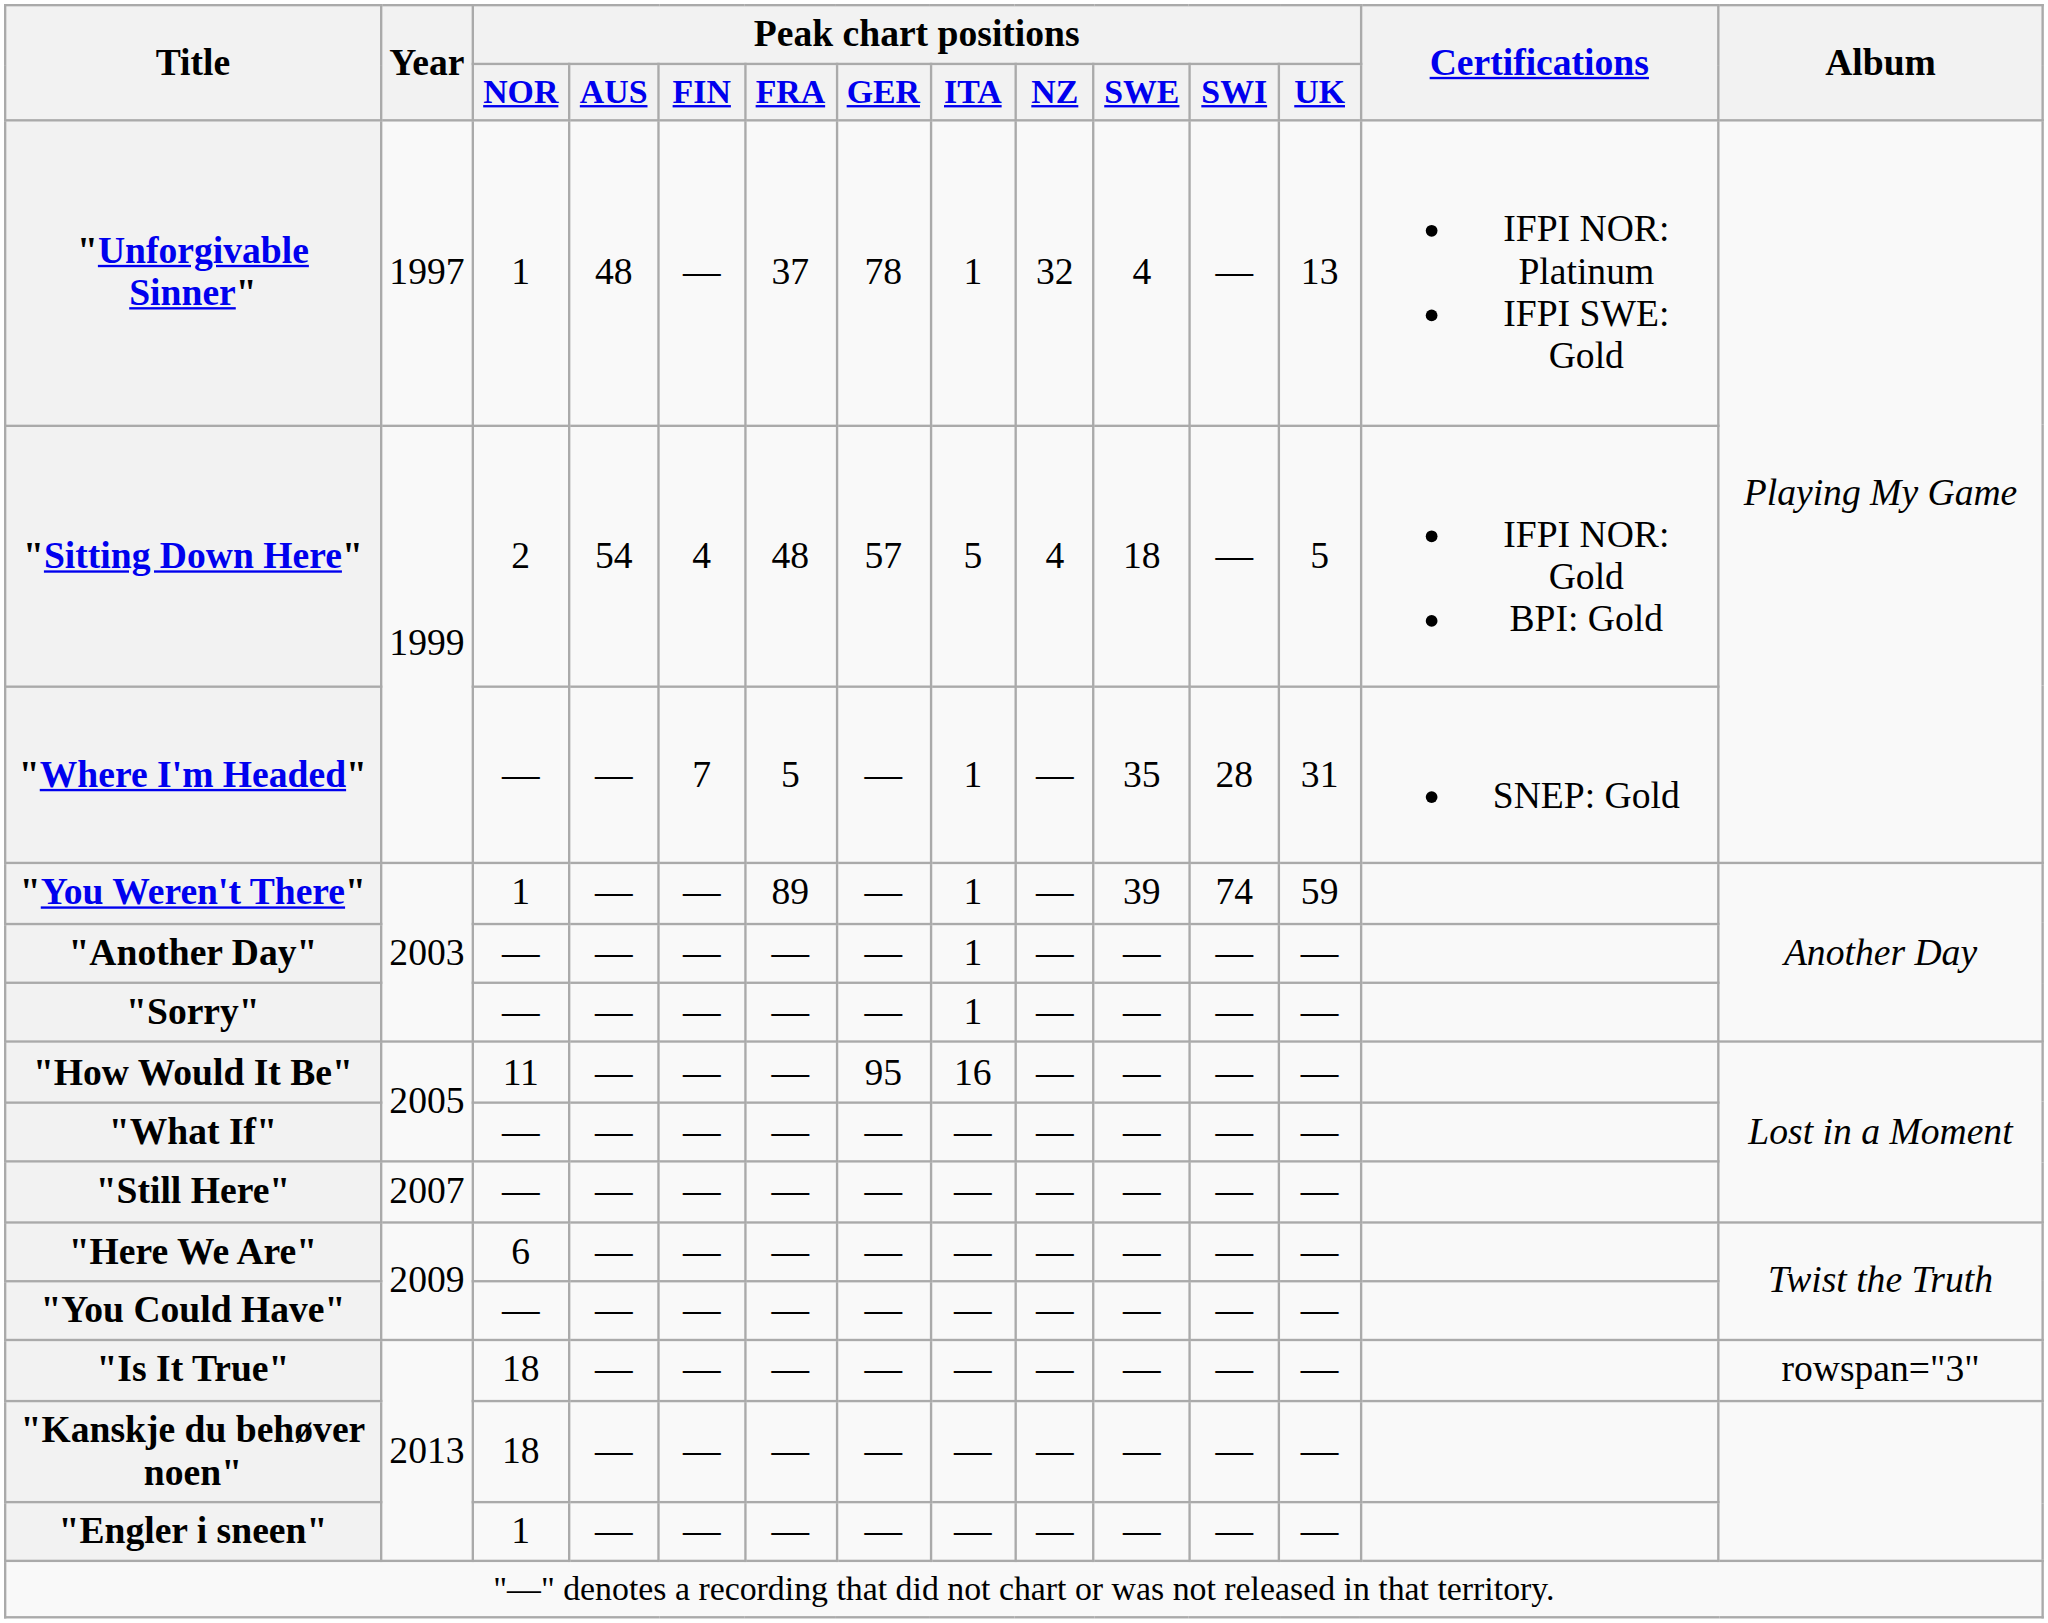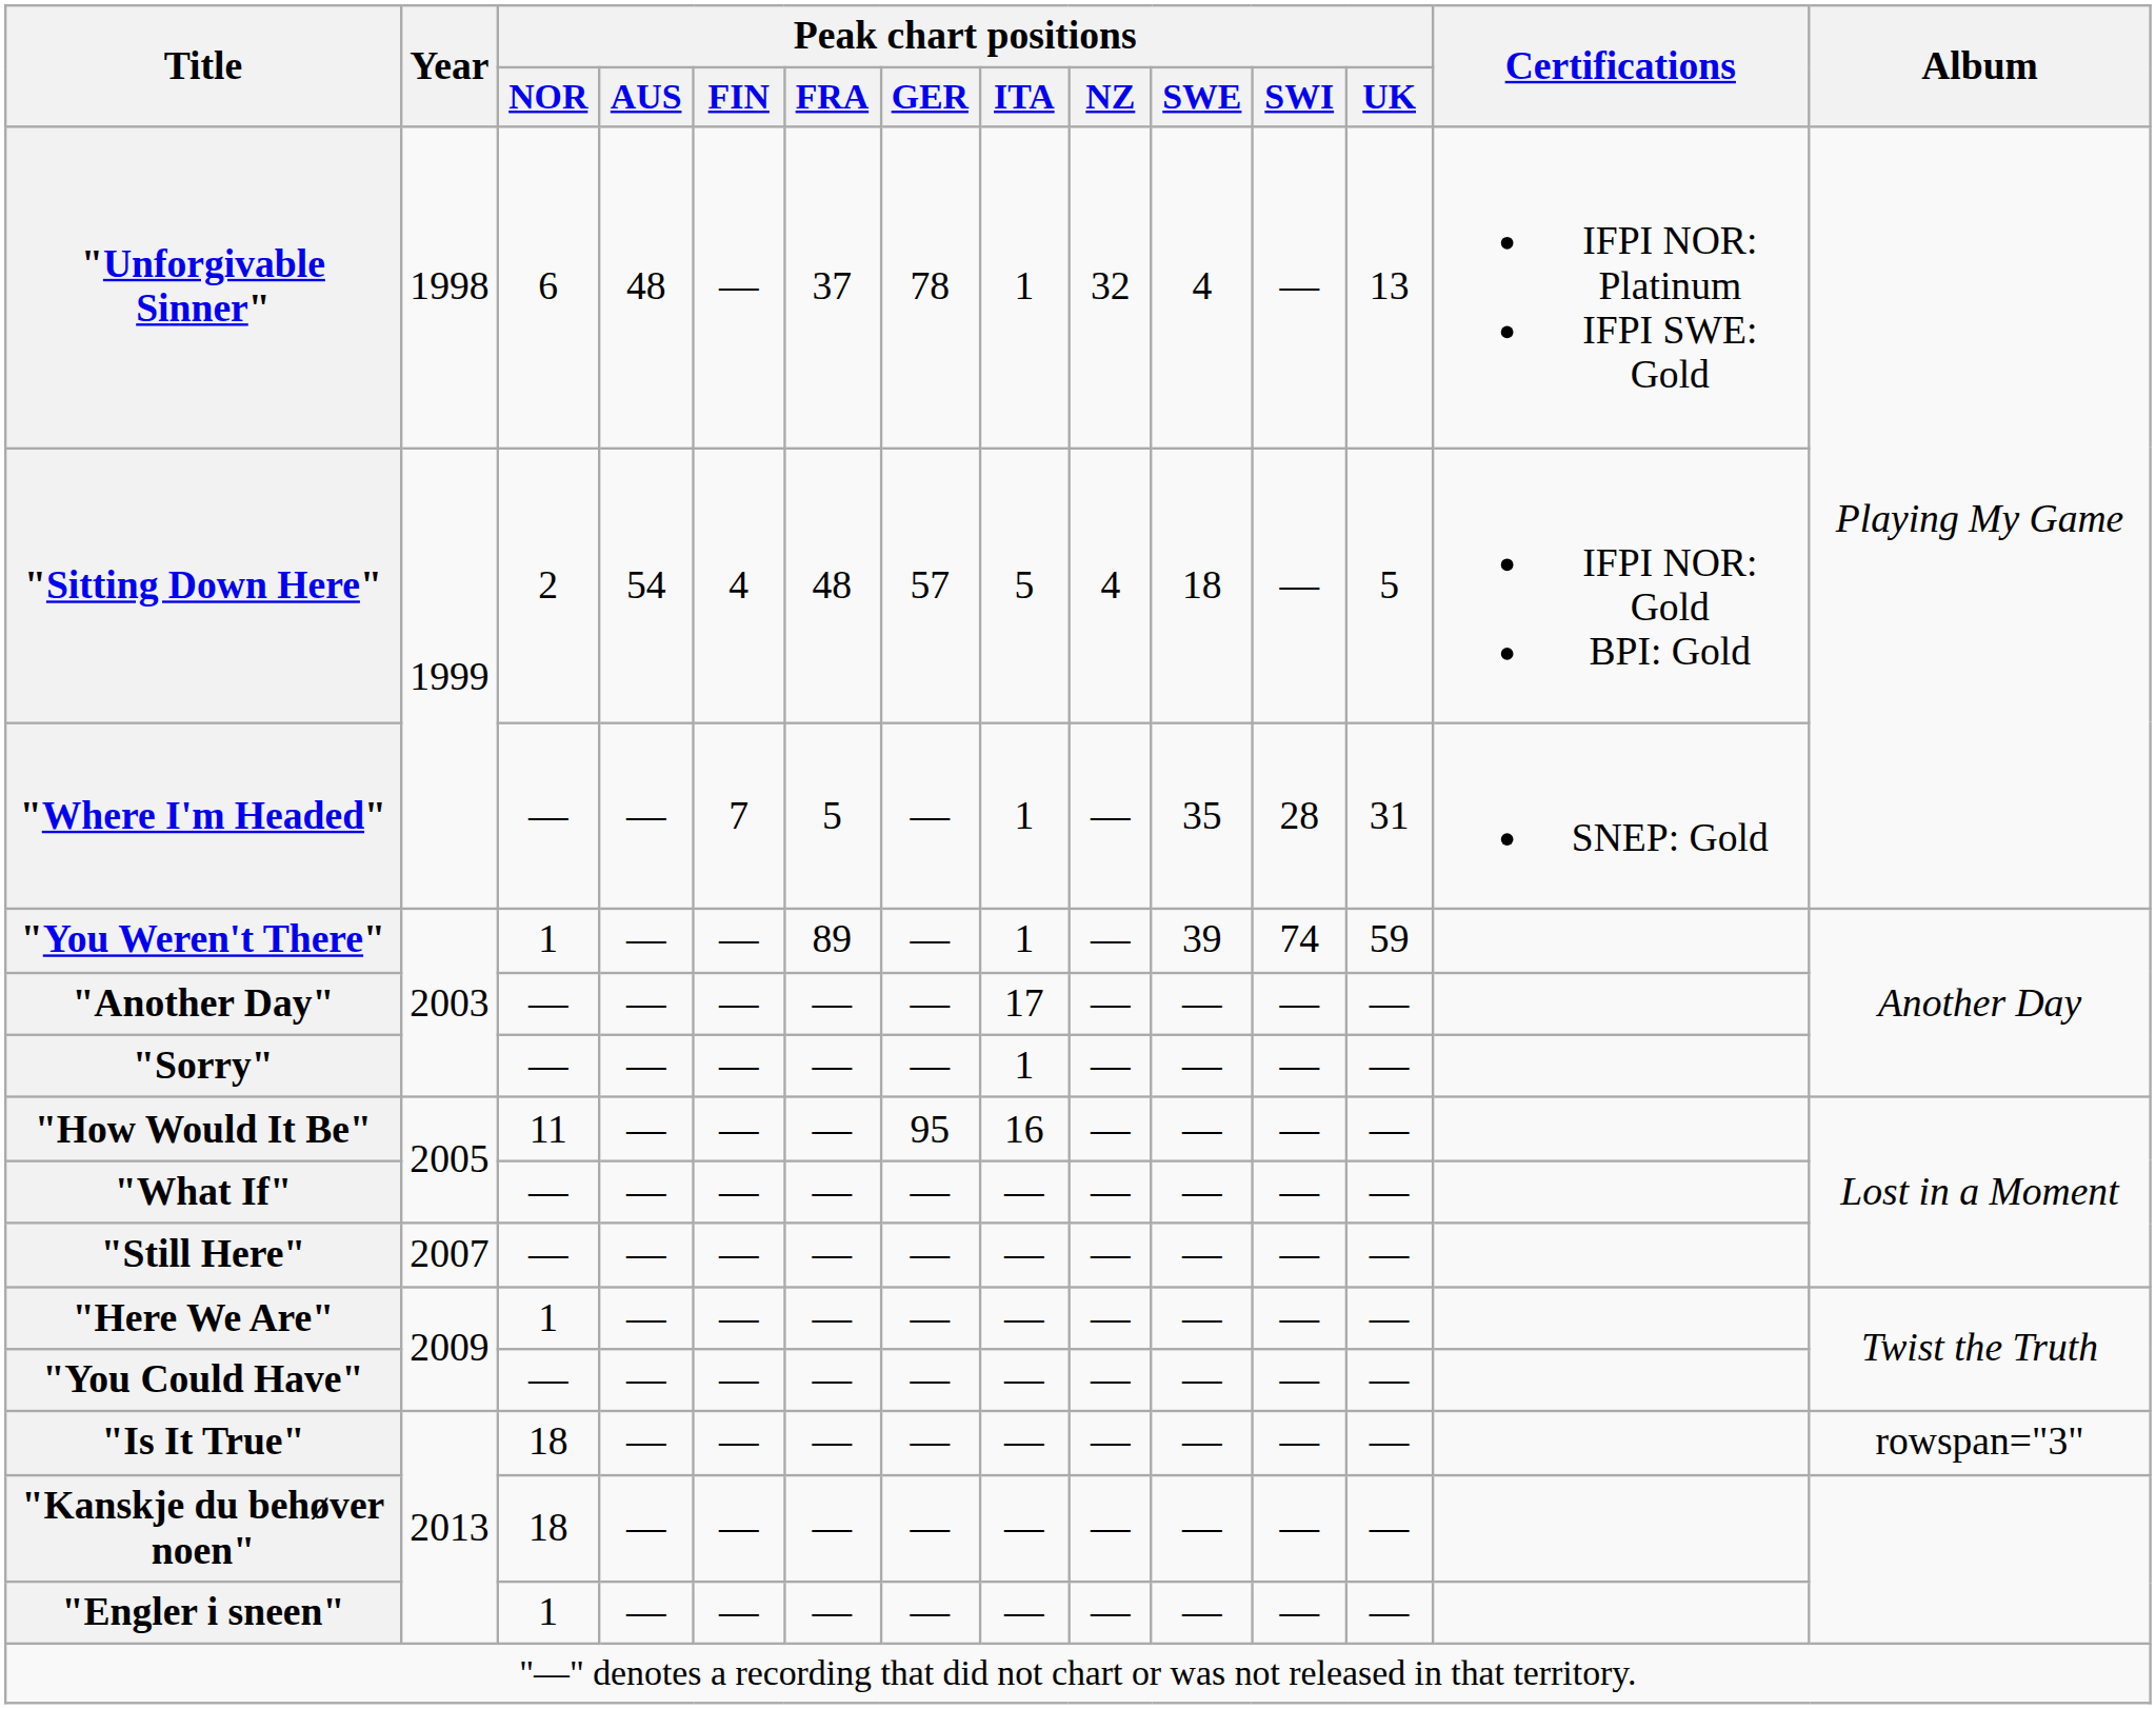 <table class="wikitable plainrowheaders" style="text-align:center;">
 <tr>
 <th scope="col" rowspan="2" style="width:14em;">Title</th>
 <th scope="col" rowspan="2" style="width:1em;">Year</th>
 <th scope="col" colspan="10">Peak chart positions</th>
 <th scope="col" rowspan="2" style="width:13em;"><a href='#'>Certifications</a></th>
 <th scope="col" rowspan="2" style="width:12em;">Album</th>
 </tr>
 <tr>
 <th scope="col" style="width:2.5em;font-size:90%;"><a href='#'>NOR</a><br></th>
 <th scope="col" style="width:2.5em;font-size:90%;"><a href='#'>AUS</a><br></th>
 <th scope="col" style="width:2.5em;font-size:90%;"><a href='#'>FIN</a><br></th>
 <th scope="col" style="width:2.5em;font-size:90%;"><a href='#'>FRA</a><br></th>
 <th scope="col" style="width:2.5em;font-size:90%;"><a href='#'>GER</a><br></th>
 <th scope="col" style="width:2.5em;font-size:90%;"><a href='#'>ITA</a><br></th>
 <th scope="col" style="width:2.5em;font-size:90%;"><a href='#'>NZ</a><br></th>
 <th scope="col" style="width:2.5em;font-size:90%;"><a href='#'>SWE</a><br></th>
 <th scope="col" style="width:2.5em;font-size:90%;"><a href='#'>SWI</a><br></th>
 <th scope="col" style="width:2.5em;font-size:90%;"><a href='#'>UK</a><br></th>
 </tr>
 <tr>
 <th scope="row">"<a href='#'>Unforgivable Sinner</a>"</th>
-<td>1997</td>
-<td>1</td>
+<td>1998</td>
+<td>6</td>
 <td>48</td>
 <td>—</td>
 <td>37</td>
 <td>78</td>
 <td>1</td>
 <td>32</td>
 <td>4</td>
 <td>—</td>
 <td>13</td>
 <td><br><ul><li>IFPI NOR: Platinum</li><li>IFPI SWE: Gold</li></ul></td>
 <td rowspan="3"><em>Playing My Game</em></td>
 </tr>
 <tr>
 <th scope="row">"<a href='#'>Sitting Down Here</a>"</th>
 <td rowspan="2">1999</td>
 <td>2</td>
 <td>54</td>
 <td>4</td>
 <td>48</td>
 <td>57</td>
 <td>5</td>
 <td>4</td>
 <td>18</td>
 <td>—</td>
 <td>5</td>
 <td><br><ul><li>IFPI NOR: Gold</li><li>BPI: Gold</li></ul></td>
 </tr>
 <tr>
 <th scope="row">"<a href='#'>Where I'm Headed</a>"</th>
 <td>—</td>
 <td>—</td>
 <td>7</td>
 <td>5</td>
 <td>—</td>
 <td>1</td>
 <td>—</td>
 <td>35</td>
 <td>28</td>
 <td>31</td>
 <td><br><ul><li>SNEP: Gold</li></ul></td>
 </tr>
 <tr>
 <th scope="row">"<a href='#'>You Weren't There</a>"</th>
 <td rowspan="3">2003</td>
 <td>1</td>
 <td>—</td>
 <td>—</td>
 <td>89</td>
 <td>—</td>
 <td>1</td>
 <td>—</td>
 <td>39</td>
 <td>74</td>
 <td>59</td>
 <td></td>
 <td rowspan="3"><em>Another Day</em></td>
 </tr>
 <tr>
 <th scope="row">"Another Day"</th>
 <td>—</td>
 <td>—</td>
 <td>—</td>
 <td>—</td>
 <td>—</td>
-<td>1</td>
+<td>17</td>
 <td>—</td>
 <td>—</td>
 <td>—</td>
 <td>—</td>
 <td></td>
 </tr>
 <tr>
 <th scope="row">"Sorry"</th>
 <td>—</td>
 <td>—</td>
 <td>—</td>
 <td>—</td>
 <td>—</td>
 <td>1</td>
 <td>—</td>
 <td>—</td>
 <td>—</td>
 <td>—</td>
 <td></td>
 </tr>
 <tr>
 <th scope="row">"How Would It Be"</th>
 <td rowspan="2">2005</td>
 <td>11</td>
 <td>—</td>
 <td>—</td>
 <td>—</td>
 <td>95</td>
 <td>16</td>
 <td>—</td>
 <td>—</td>
 <td>—</td>
 <td>—</td>
 <td></td>
 <td rowspan="3"><em>Lost in a Moment</em></td>
 </tr>
 <tr>
 <th scope="row">"What If"</th>
 <td>—</td>
 <td>—</td>
 <td>—</td>
 <td>—</td>
 <td>—</td>
 <td>—</td>
 <td>—</td>
 <td>—</td>
 <td>—</td>
 <td>—</td>
 <td></td>
 </tr>
 <tr>
 <th scope="row">"Still Here"</th>
 <td>2007</td>
 <td>—</td>
 <td>—</td>
 <td>—</td>
 <td>—</td>
 <td>—</td>
 <td>—</td>
 <td>—</td>
 <td>—</td>
 <td>—</td>
 <td>—</td>
 <td></td>
 </tr>
 <tr>
 <th scope="row">"Here We Are"</th>
 <td rowspan="2">2009</td>
-<td>6</td>
+<td>1</td>
 <td>—</td>
 <td>—</td>
 <td>—</td>
 <td>—</td>
 <td>—</td>
 <td>—</td>
 <td>—</td>
 <td>—</td>
 <td>—</td>
 <td></td>
 <td rowspan="2"><em>Twist the Truth</em></td>
 </tr>
 <tr>
 <th scope="row">"You Could Have"</th>
 <td>—</td>
 <td>—</td>
 <td>—</td>
 <td>—</td>
 <td>—</td>
 <td>—</td>
 <td>—</td>
 <td>—</td>
 <td>—</td>
 <td>—</td>
 </tr>
 <tr>
 <th scope="row">"Is It True"</th>
 <td rowspan="3">2013</td>
 <td>18</td>
 <td>—</td>
 <td>—</td>
 <td>—</td>
 <td>—</td>
 <td>—</td>
 <td>—</td>
 <td>—</td>
 <td>—</td>
 <td>—</td>
 <td></td>
 <td>rowspan="3" </td>
 </tr>
 <tr>
 <th scope="row">"Kanskje du behøver noen"</th>
 <td>18</td>
 <td>—</td>
 <td>—</td>
 <td>—</td>
 <td>—</td>
 <td>—</td>
 <td>—</td>
 <td>—</td>
 <td>—</td>
 <td>—</td>
 <td></td>
 </tr>
 <tr>
 <th scope="row">"Engler i sneen"<br></th>
 <td>1</td>
 <td>—</td>
 <td>—</td>
 <td>—</td>
 <td>—</td>
 <td>—</td>
 <td>—</td>
 <td>—</td>
 <td>—</td>
 <td>—</td>
 <td></td>
 </tr>
 <tr>
 <td colspan="14" style="font-size:90%">"—" denotes a recording that did not chart or was not released in that territory.</td>
 </tr>
 </table>
